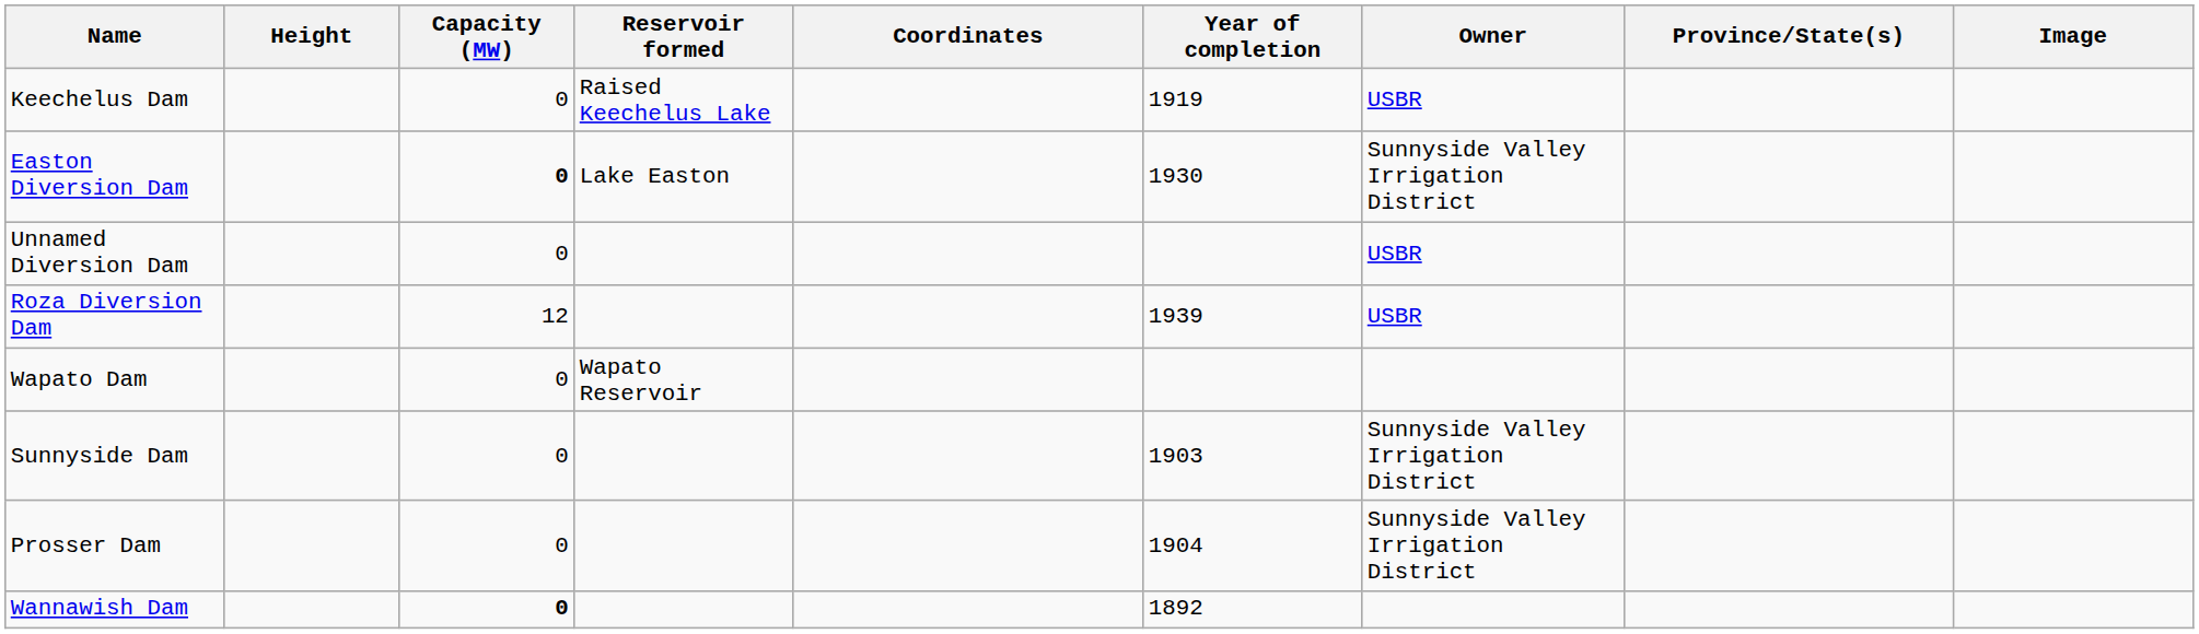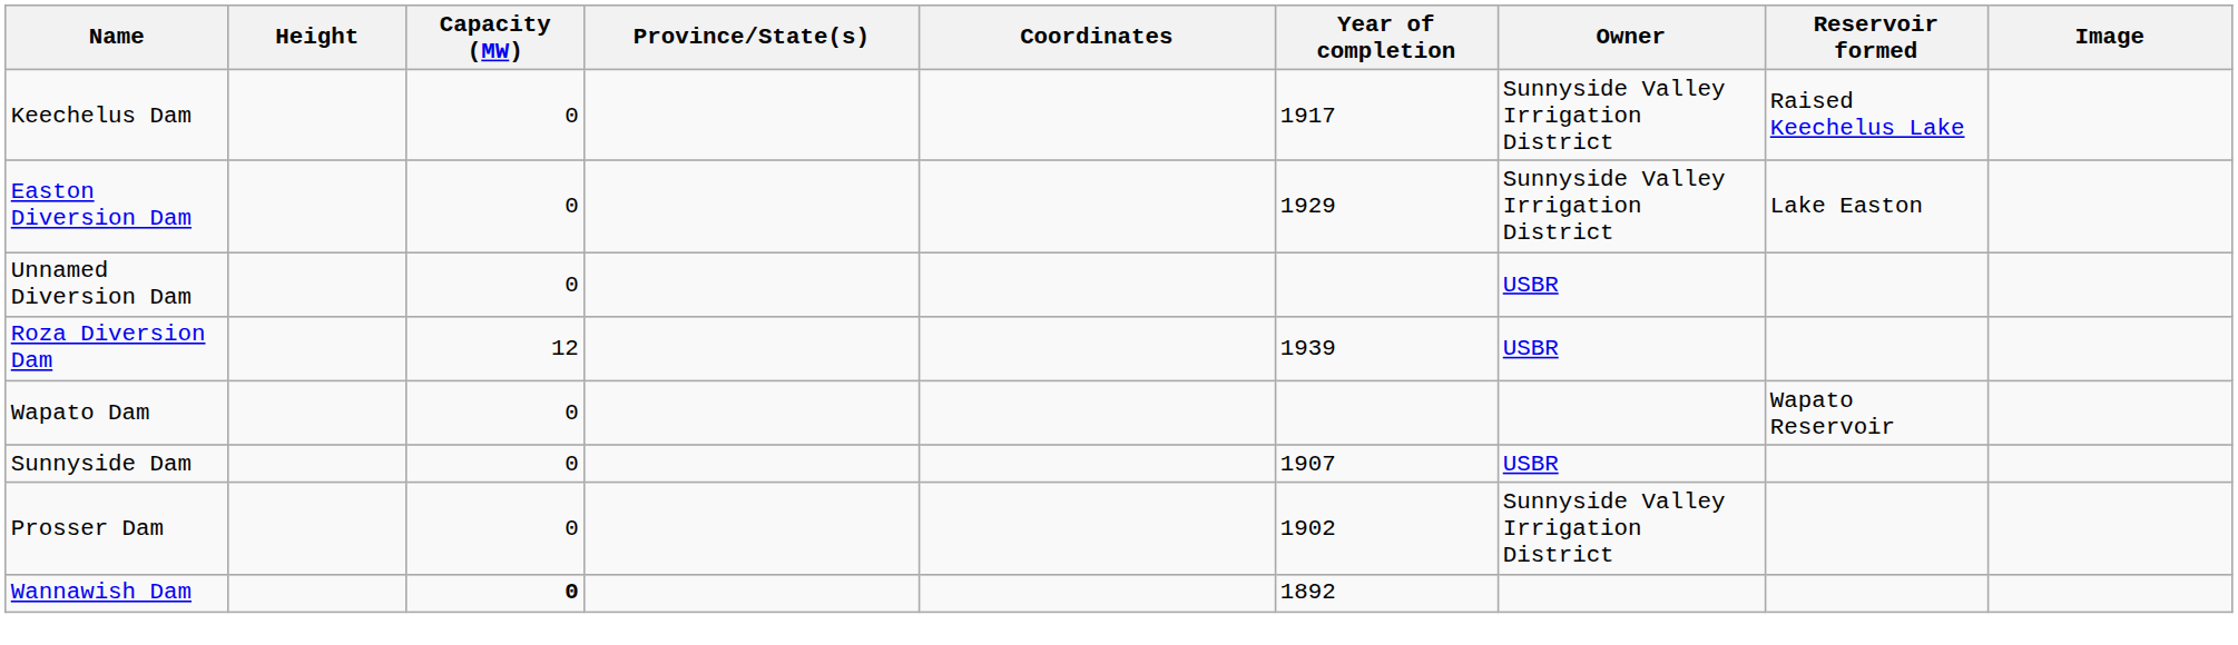 <table class="wikitable sortable" border="1">
 <tr>
 <th width="10%">Name</th>
 <th width="8%">Height</th>
 <th width="8%">Capacity (<a href='#'>MW</a>)</th>
-<th width="10%">Reservoir formed</th>
+<th width="15%">Province/State(s)</th>
 <th width="16%">Coordinates</th>
 <th width="10%">Year of completion</th>
 <th width="12%">Owner</th>
-<th width="15%">Province/State(s)</th>
+<th width="10%">Reservoir formed</th>
 <th>Image</th>
 </tr>
 <tr>
 <td>Keechelus Dam</td>
 <td></td>
 <td align="right">0</td>
+<td></td>
+<td></td>
+<td>1917</td>
+<td>Sunnyside Valley Irrigation District</td>
 <td>Raised <a href='#'>Keechelus Lake</a></td>
-<td></td>
-<td>1919</td>
-<td><a href='#'>USBR</a></td>
-<td></td>
 <td></td>
 </tr>
 <tr>
 <td><a href='#'>Easton Diversion Dam</a></td>
 <td></td>
-<td align="right"><strong>0</strong></td>
+<td align="right">0</td>
+<td></td>
+<td></td>
+<td>1929</td>
+<td>Sunnyside Valley Irrigation District</td>
 <td>Lake Easton</td>
-<td></td>
-<td>1930</td>
-<td>Sunnyside Valley Irrigation District</td>
-<td></td>
 <td></td>
 </tr>
 <tr>
 <td>Unnamed Diversion Dam</td>
 <td></td>
 <td align="right">0</td>
 <td></td>
 <td></td>
 <td></td>
 <td><a href='#'>USBR</a></td>
 <td></td>
 <td></td>
 </tr>
 <tr>
 <td><a href='#'>Roza Diversion Dam</a></td>
 <td></td>
 <td align="right">12</td>
 <td></td>
 <td></td>
 <td>1939</td>
 <td><a href='#'>USBR</a></td>
 <td></td>
 <td></td>
 </tr>
 <tr>
 <td>Wapato Dam</td>
 <td></td>
 <td align="right">0</td>
-<td>Wapato Reservoir</td>
 <td></td>
 <td></td>
 <td></td>
 <td></td>
+<td>Wapato Reservoir</td>
 <td></td>
 </tr>
 <tr>
 <td>Sunnyside Dam</td>
 <td></td>
 <td align="right">0</td>
 <td></td>
 <td></td>
-<td>1903</td>
-<td>Sunnyside Valley Irrigation District</td>
+<td>1907</td>
+<td><a href='#'>USBR</a></td>
 <td></td>
 <td></td>
 </tr>
 <tr>
 <td>Prosser Dam</td>
 <td></td>
 <td align="right">0</td>
 <td></td>
 <td></td>
-<td>1904</td>
+<td>1902</td>
 <td>Sunnyside Valley Irrigation District</td>
 <td></td>
 <td></td>
 </tr>
 <tr>
 <td><a href='#'>Wannawish Dam</a></td>
 <td></td>
 <td align="right"><strong>0</strong></td>
 <td></td>
 <td></td>
 <td>1892</td>
 <td></td>
 <td></td>
 <td></td>
 </tr>
 </table>
